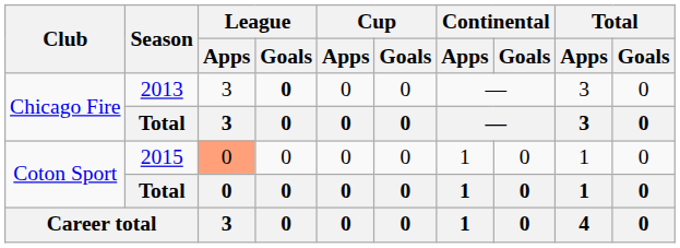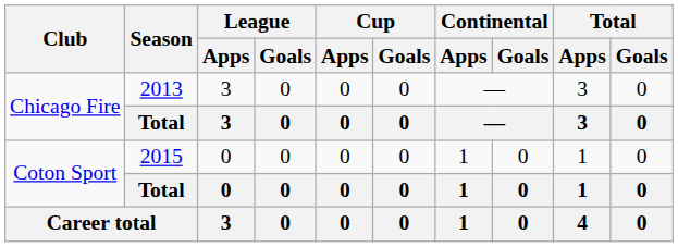 <table class="wikitable" style="text-align: center;">
 <tr>
 <th rowspan="2">Club</th>
 <th rowspan="2">Season</th>
 <th colspan="2">League</th>
 <th colspan="2">Cup</th>
 <th colspan="2">Continental</th>
 <th colspan="2">Total</th>
 </tr>
 <tr>
 <th>Apps</th>
 <th>Goals</th>
 <th>Apps</th>
 <th>Goals</th>
 <th>Apps</th>
 <th>Goals</th>
 <th>Apps</th>
 <th>Goals</th>
 </tr>
 <tr>
 <td rowspan="2" valign="center"><a href='#'>Chicago Fire</a></td>
 <td><a href='#'>2013</a></td>
 <td>3</td>
-<td><strong>0</strong></td>
+<td>0</td>
 <td>0</td>
 <td>0</td>
 <td colspan="2">—</td>
 <td>3</td>
 <td>0</td>
 </tr>
 <tr>
 <th>Total</th>
 <th>3</th>
 <th>0</th>
 <th>0</th>
 <th>0</th>
 <th colspan="2">—</th>
 <th>3</th>
 <th>0</th>
 </tr>
 <tr>
 <td rowspan="2" valign="center"><a href='#'>Coton Sport</a></td>
 <td><a href='#'>2015</a></td>
-<td style="background: lightsalmon;">0</td>
+<td>0</td>
 <td>0</td>
 <td>0</td>
 <td>0</td>
 <td>1</td>
 <td>0</td>
 <td>1</td>
 <td>0</td>
 </tr>
 <tr>
 <th>Total</th>
 <th>0</th>
 <th>0</th>
 <th>0</th>
 <th>0</th>
 <th>1</th>
 <th>0</th>
 <th>1</th>
 <th>0</th>
 </tr>
 <tr>
 <th colspan="2">Career total</th>
 <th>3</th>
 <th>0</th>
 <th>0</th>
 <th>0</th>
 <th>1</th>
 <th>0</th>
 <th>4</th>
 <th>0</th>
 </tr>
 </table>
